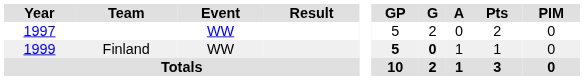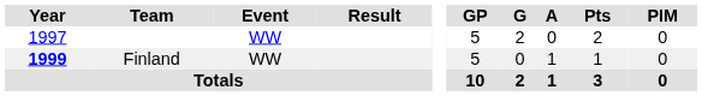 <table border="0" cellpadding="1" cellspacing="0" style="text-align:center; width:40em">
 <tr ALIGN="centre" bgcolor="#e0e0e0">
 <th>Year</th>
 <th>Team</th>
 <th>Event</th>
 <th>Result</th>
 <th rowspan="98" bgcolor="#ffffff"> </th>
 <th>GP</th>
 <th>G</th>
 <th>A</th>
 <th>Pts</th>
 <th>PIM</th>
 </tr>
 <tr>
 <td><a href='#'>1997</a></td>
 <td></td>
 <td><a href='#'>WW</a></td>
 <td></td>
 <td>5</td>
 <td>2</td>
 <td>0</td>
 <td>2</td>
 <td>0</td>
 </tr>
 <tr bgcolor="#f0f0f0">
-<td><a href='#'>1999</a></td>
+<td><strong><a href='#'>1999</a></strong></td>
 <td>Finland</td>
 <td>WW</td>
 <td></td>
-<td><strong>5</strong></td>
-<td><strong>0</strong></td>
+<td>5</td>
+<td>0</td>
 <td>1</td>
 <td>1</td>
 <td>0</td>
 </tr>
 <tr align="centre" bgcolor="#e0e0e0">
 <th colspan="4">Totals</th>
 <th>10</th>
 <th>2</th>
 <th>1</th>
 <th>3</th>
 <th>0</th>
 </tr>
 </table>
